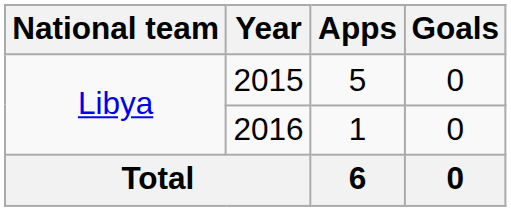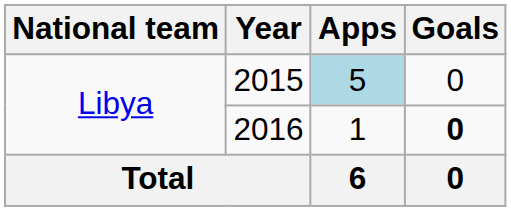 <table class="wikitable" style="text-align:center">
 <tr>
 <th>National team</th>
 <th>Year</th>
 <th>Apps</th>
 <th>Goals</th>
 </tr>
 <tr>
 <td rowspan="2"><a href='#'>Libya</a></td>
 <td>2015</td>
-<td>5</td>
+<td style="background: lightblue;">5</td>
 <td>0</td>
 </tr>
 <tr>
 <td>2016</td>
 <td>1</td>
-<td>0</td>
+<td><strong>0</strong></td>
 </tr>
 <tr>
 <th colspan="2">Total</th>
 <th>6</th>
 <th>0</th>
 </tr>
 </table>
